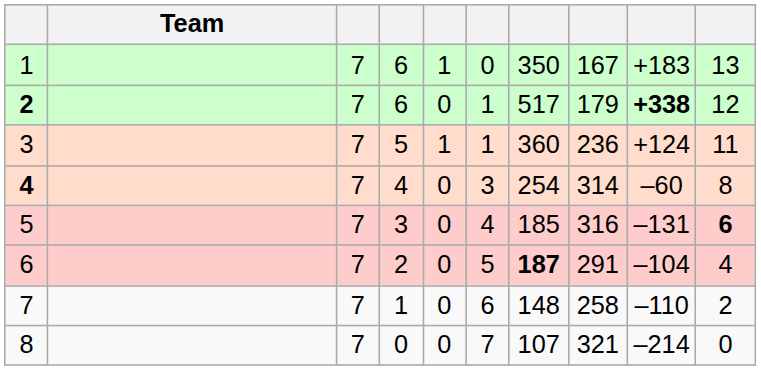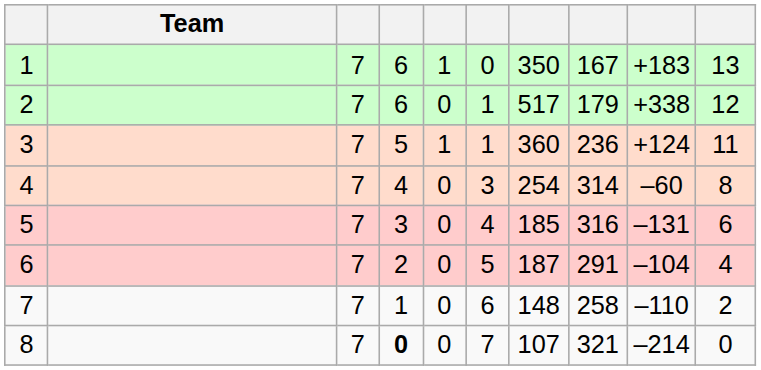 <table class=wikitable style=text-align:center>
 <tr>
 <th width=20 abbr=Position></th>
 <th width=175>Team</th>
 <th width=20 abbr=Played></th>
 <th width=20 abbr=Won></th>
 <th width=20 abbr=Drawn></th>
 <th width=20 abbr=Lost></th>
 <th width=30 abbr=Goal for></th>
 <th width=30 abbr=Goal against></th>
 <th width=30 abbr=Goal difference></th>
 <th width=30 abbr=Points></th>
 </tr>
 <tr bgcolor=#CCFFCC>
 <td>1</td>
 <td align=left></td>
 <td>7</td>
 <td>6</td>
 <td>1</td>
 <td>0</td>
 <td>350</td>
 <td>167</td>
 <td>+183</td>
 <td>13</td>
 </tr>
 <tr bgcolor=#CCFFCC>
-<td><strong>2</strong></td>
+<td>2</td>
 <td align=left></td>
 <td>7</td>
 <td>6</td>
 <td>0</td>
 <td>1</td>
 <td>517</td>
 <td>179</td>
-<td><strong>+338</strong></td>
+<td>+338</td>
 <td>12</td>
 </tr>
 <tr bgcolor=#FFDCCC>
 <td>3</td>
 <td align=left></td>
 <td>7</td>
 <td>5</td>
 <td>1</td>
 <td>1</td>
 <td>360</td>
 <td>236</td>
 <td>+124</td>
 <td>11</td>
 </tr>
 <tr bgcolor=#FFDCCC>
-<td><strong>4</strong></td>
+<td>4</td>
 <td align=left></td>
 <td>7</td>
 <td>4</td>
 <td>0</td>
 <td>3</td>
 <td>254</td>
 <td>314</td>
 <td>–60</td>
 <td>8</td>
 </tr>
 <tr bgcolor=#FFCCCC>
 <td>5</td>
 <td align=left></td>
 <td>7</td>
 <td>3</td>
 <td>0</td>
 <td>4</td>
 <td>185</td>
 <td>316</td>
 <td>–131</td>
-<td><strong>6</strong></td>
+<td>6</td>
 </tr>
 <tr bgcolor=#FFCCCC>
 <td>6</td>
 <td align=left></td>
 <td>7</td>
 <td>2</td>
 <td>0</td>
 <td>5</td>
-<td><strong>187</strong></td>
+<td>187</td>
 <td>291</td>
 <td>–104</td>
 <td>4</td>
 </tr>
 <tr>
 <td>7</td>
 <td align=left></td>
 <td>7</td>
 <td>1</td>
 <td>0</td>
 <td>6</td>
 <td>148</td>
 <td>258</td>
 <td>–110</td>
 <td>2</td>
 </tr>
 <tr>
 <td>8</td>
 <td align=left></td>
 <td>7</td>
-<td>0</td>
+<td><strong>0</strong></td>
 <td>0</td>
 <td>7</td>
 <td>107</td>
 <td>321</td>
 <td>–214</td>
 <td>0</td>
 </tr>
 </table>
